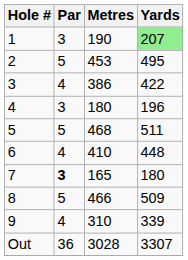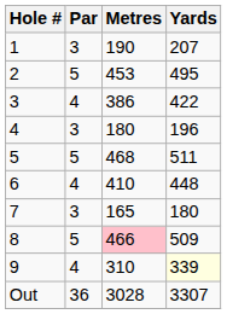 <table class="wikitable">
 <tr>
 <th>Hole #</th>
 <th>Par</th>
 <th>Metres</th>
 <th>Yards</th>
 </tr>
 <tr>
 <td>1</td>
 <td>3</td>
 <td>190</td>
-<td style="background: lightgreen;">207</td>
+<td>207</td>
 </tr>
 <tr>
 <td>2</td>
 <td>5</td>
 <td>453</td>
 <td>495</td>
 </tr>
 <tr>
 <td>3</td>
 <td>4</td>
 <td>386</td>
 <td>422</td>
 </tr>
 <tr>
 <td>4</td>
 <td>3</td>
 <td>180</td>
 <td>196</td>
 </tr>
 <tr>
 <td>5</td>
 <td>5</td>
 <td>468</td>
 <td>511</td>
 </tr>
 <tr>
 <td>6</td>
 <td>4</td>
 <td>410</td>
 <td>448</td>
 </tr>
 <tr>
 <td>7</td>
-<td><strong>3</strong></td>
+<td>3</td>
 <td>165</td>
 <td>180</td>
 </tr>
 <tr>
 <td>8</td>
 <td>5</td>
-<td>466</td>
+<td style="background: pink;">466</td>
 <td>509</td>
 </tr>
 <tr>
 <td>9</td>
 <td>4</td>
 <td>310</td>
-<td>339</td>
+<td style="background: lightyellow;">339</td>
 </tr>
 <tr>
 <td>Out</td>
 <td>36</td>
 <td>3028</td>
 <td>3307</td>
 </tr>
 <tr>
 </tr>
 </table>
